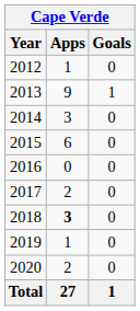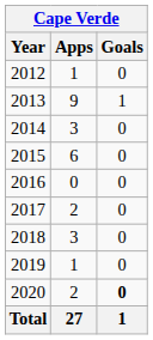 <table class="wikitable" style="text-align:center">
 <tr>
 <th colspan=3><a href='#'>Cape Verde</a></th>
 </tr>
 <tr>
 <th>Year</th>
 <th>Apps</th>
 <th>Goals</th>
 </tr>
 <tr>
 <td>2012</td>
 <td>1</td>
 <td>0</td>
 </tr>
 <tr>
 <td>2013</td>
 <td>9</td>
 <td>1</td>
 </tr>
 <tr>
 <td>2014</td>
 <td>3</td>
 <td>0</td>
 </tr>
 <tr>
 <td>2015</td>
 <td>6</td>
 <td>0</td>
 </tr>
 <tr>
 <td>2016</td>
 <td>0</td>
 <td>0</td>
 </tr>
 <tr>
 <td>2017</td>
 <td>2</td>
 <td>0</td>
 </tr>
 <tr>
 <td>2018</td>
-<td><strong>3</strong></td>
+<td>3</td>
 <td>0</td>
 </tr>
 <tr>
 <td>2019</td>
 <td>1</td>
 <td>0</td>
 </tr>
 <tr>
 <td>2020</td>
 <td>2</td>
-<td>0</td>
+<td><strong>0</strong></td>
 </tr>
 <tr>
 <th>Total</th>
 <th>27</th>
 <th>1</th>
 </tr>
 </table>
